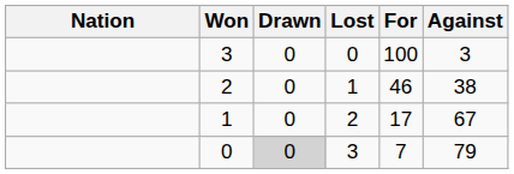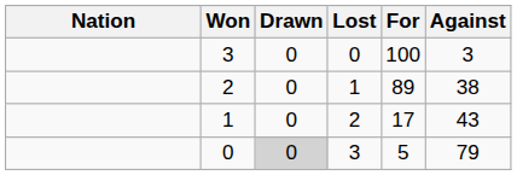 <table class="wikitable" style="text-align:center;">
 <tr>
 <th style="width:9em;">Nation</th>
 <th>Won</th>
 <th>Drawn</th>
 <th>Lost</th>
 <th>For</th>
 <th>Against</th>
 </tr>
 <tr>
 <td align=left></td>
 <td>3</td>
 <td>0</td>
 <td>0</td>
 <td>100</td>
 <td>3</td>
 </tr>
 <tr>
 <td align=left></td>
 <td>2</td>
 <td>0</td>
 <td>1</td>
-<td>46</td>
+<td>89</td>
 <td>38</td>
 </tr>
 <tr>
 <td align=left></td>
 <td>1</td>
 <td>0</td>
 <td>2</td>
 <td>17</td>
-<td>67</td>
+<td>43</td>
 </tr>
 <tr>
 <td align=left></td>
 <td>0</td>
 <td style="background: lightgrey;">0</td>
 <td>3</td>
-<td>7</td>
+<td>5</td>
 <td>79</td>
 </tr>
 </table>
